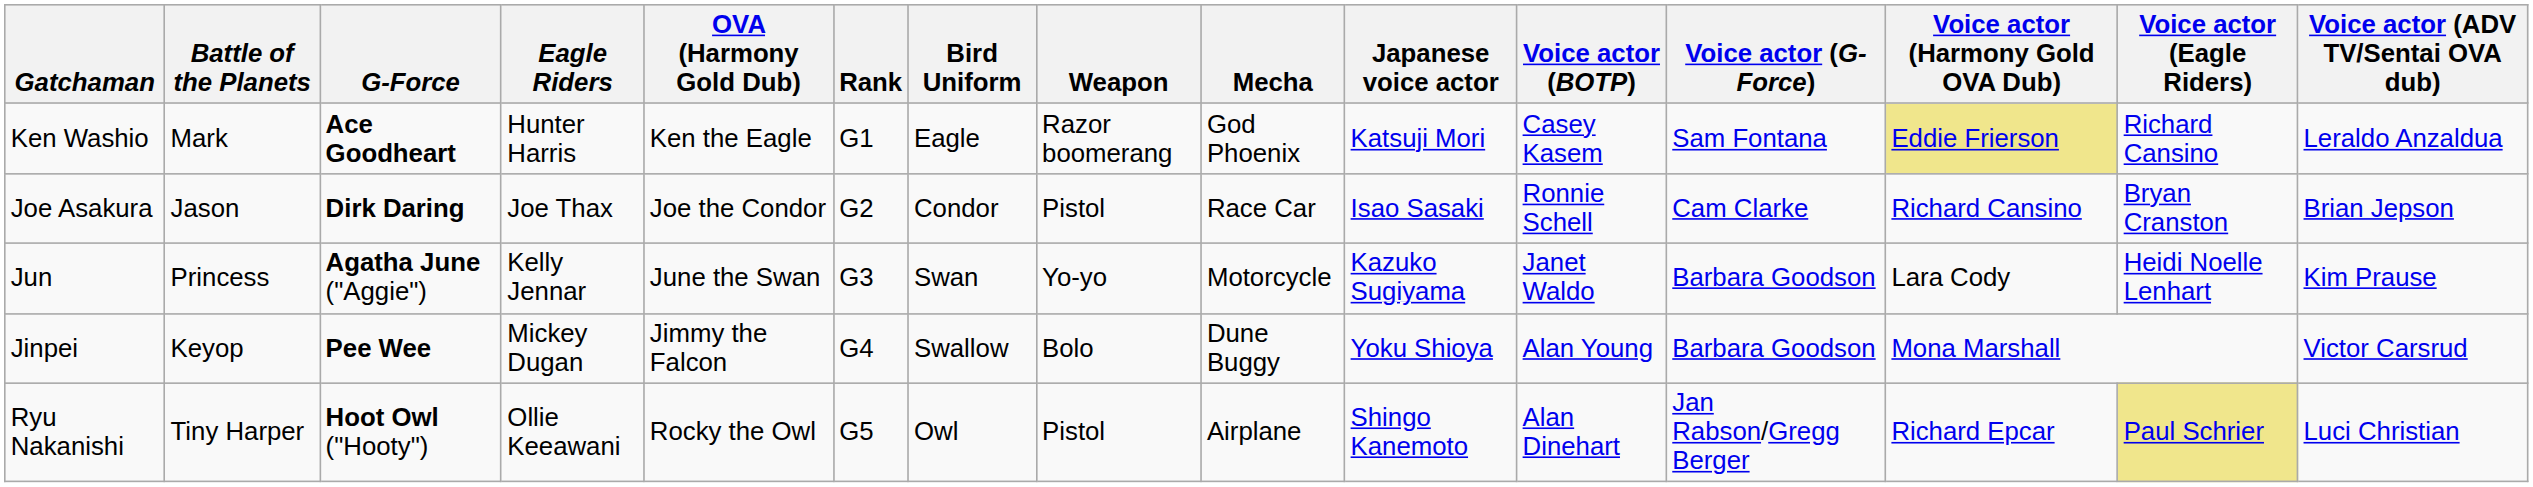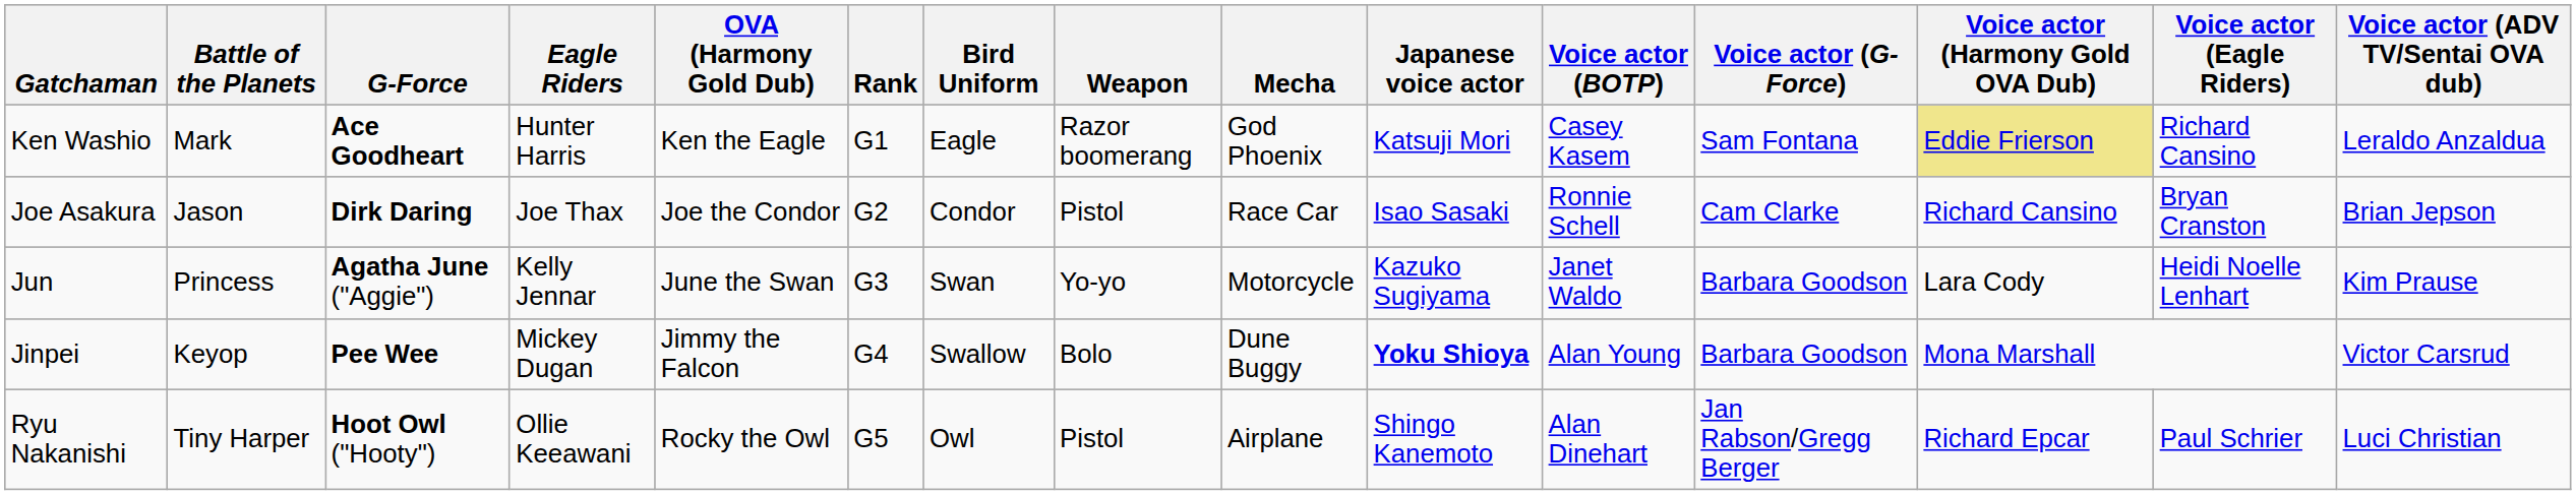 <table class=wikitable>
 <tr valign=bottom>
 <th><em>Gatchaman</em></th>
 <th><em>Battle of the Planets</em></th>
 <th><em>G-Force</em></th>
 <th><em>Eagle Riders</em></th>
 <th><a href='#'>OVA</a> (Harmony Gold Dub)</th>
 <th>Rank</th>
 <th>Bird Uniform</th>
 <th>Weapon</th>
 <th>Mecha</th>
 <th>Japanese voice actor</th>
 <th><a href='#'>Voice actor</a> (<em>BOTP</em>)</th>
 <th><a href='#'>Voice actor</a> (<em>G-Force</em>)</th>
 <th><a href='#'>Voice actor</a> (Harmony Gold OVA Dub)</th>
 <th><a href='#'>Voice actor</a> (Eagle Riders)</th>
 <th><a href='#'>Voice actor</a> (ADV TV/Sentai OVA dub)</th>
 </tr>
 <tr>
 <td>Ken Washio</td>
 <td>Mark</td>
 <td><strong>Ace Goodheart</strong></td>
 <td>Hunter Harris</td>
 <td>Ken the Eagle</td>
 <td>G1</td>
 <td>Eagle</td>
 <td>Razor boomerang</td>
 <td>God Phoenix</td>
 <td><a href='#'>Katsuji Mori</a></td>
 <td><a href='#'>Casey Kasem</a></td>
 <td><a href='#'>Sam Fontana</a></td>
 <td style="background: khaki;"><a href='#'>Eddie Frierson</a></td>
 <td><a href='#'>Richard Cansino</a></td>
 <td><a href='#'>Leraldo Anzaldua</a></td>
 </tr>
 <tr>
 <td>Joe Asakura</td>
 <td>Jason</td>
 <td><strong>Dirk Daring</strong></td>
 <td>Joe Thax</td>
 <td>Joe the Condor</td>
 <td>G2</td>
 <td>Condor</td>
 <td>Pistol</td>
 <td>Race Car</td>
 <td><a href='#'>Isao Sasaki</a></td>
 <td><a href='#'>Ronnie Schell</a></td>
 <td><a href='#'>Cam Clarke</a></td>
 <td><a href='#'>Richard Cansino</a></td>
 <td><a href='#'>Bryan Cranston</a></td>
 <td><a href='#'>Brian Jepson</a></td>
 </tr>
 <tr>
 <td>Jun</td>
 <td>Princess</td>
 <td><strong>Agatha June</strong> ("Aggie")</td>
 <td>Kelly Jennar</td>
 <td>June the Swan</td>
 <td>G3</td>
 <td>Swan</td>
 <td>Yo-yo</td>
 <td>Motorcycle</td>
 <td><a href='#'>Kazuko Sugiyama</a></td>
 <td><a href='#'>Janet Waldo</a></td>
 <td><a href='#'>Barbara Goodson</a></td>
 <td>Lara Cody</td>
 <td><a href='#'>Heidi Noelle Lenhart</a></td>
 <td><a href='#'>Kim Prause</a></td>
 </tr>
 <tr>
 <td>Jinpei</td>
 <td>Keyop</td>
 <td><strong>Pee Wee</strong></td>
 <td>Mickey Dugan</td>
 <td>Jimmy the Falcon</td>
 <td>G4</td>
 <td>Swallow</td>
 <td>Bolo</td>
 <td>Dune Buggy</td>
-<td><a href='#'>Yoku Shioya</a></td>
+<td><strong><a href='#'>Yoku Shioya</a></strong></td>
 <td><a href='#'>Alan Young</a></td>
 <td><a href='#'>Barbara Goodson</a></td>
 <td colspan=2><a href='#'>Mona Marshall</a></td>
 <td><a href='#'>Victor Carsrud</a></td>
 </tr>
 <tr>
 <td>Ryu Nakanishi</td>
 <td>Tiny Harper</td>
 <td><strong>Hoot Owl</strong> ("Hooty")</td>
 <td>Ollie Keeawani</td>
 <td>Rocky the Owl</td>
 <td>G5</td>
 <td>Owl</td>
 <td>Pistol</td>
 <td>Airplane</td>
 <td><a href='#'>Shingo Kanemoto</a></td>
 <td><a href='#'>Alan Dinehart</a></td>
 <td><a href='#'>Jan Rabson</a>/<a href='#'>Gregg Berger</a></td>
 <td><a href='#'>Richard Epcar</a></td>
-<td style="background: khaki;"><a href='#'>Paul Schrier</a></td>
+<td><a href='#'>Paul Schrier</a></td>
 <td><a href='#'>Luci Christian</a></td>
 </tr>
 </table>
